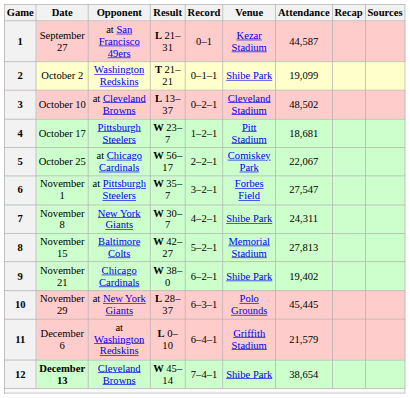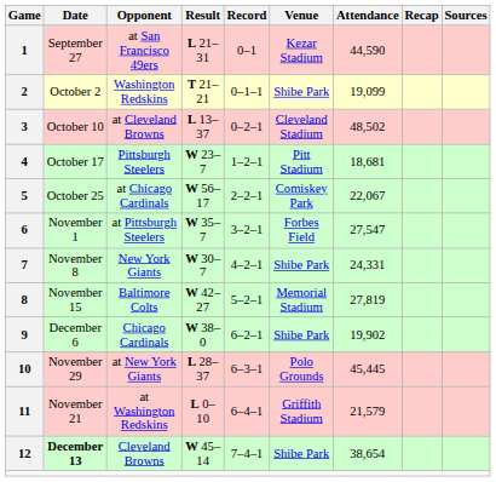 <table class="wikitable" style="text-align:center">
 <tr>
 <th>Game</th>
 <th>Date</th>
 <th>Opponent</th>
 <th>Result</th>
 <th>Record</th>
 <th>Venue</th>
 <th>Attendance</th>
 <th>Recap</th>
 <th>Sources</th>
 </tr>
 <tr style="background:#fcc">
 <th>1</th>
 <td>September 27</td>
 <td>at <a href='#'>San Francisco 49ers</a></td>
 <td><strong>L</strong> 21–31</td>
 <td>0–1</td>
 <td><a href='#'>Kezar Stadium</a></td>
-<td>44,587</td>
+<td>44,590</td>
 <td></td>
 <td></td>
 </tr>
 <tr style="background:#ffc">
 <th>2</th>
 <td>October 2</td>
 <td><a href='#'>Washington Redskins</a></td>
 <td><strong>T</strong> 21–21</td>
 <td>0–1–1</td>
 <td><a href='#'>Shibe Park</a></td>
 <td>19,099</td>
 <td></td>
 <td></td>
 </tr>
 <tr style="background:#fcc">
 <th>3</th>
 <td>October 10</td>
 <td>at <a href='#'>Cleveland Browns</a></td>
 <td><strong>L</strong> 13–37</td>
 <td>0–2–1</td>
 <td><a href='#'>Cleveland Stadium</a></td>
 <td>48,502</td>
 <td></td>
 <td></td>
 </tr>
 <tr style="background:#cfc">
 <th>4</th>
 <td>October 17</td>
 <td><a href='#'>Pittsburgh Steelers</a></td>
 <td><strong>W</strong> 23–7</td>
 <td>1–2–1</td>
 <td><a href='#'>Pitt Stadium</a></td>
 <td>18,681</td>
 <td></td>
 <td></td>
 </tr>
 <tr style="background:#cfc">
 <th>5</th>
 <td>October 25</td>
 <td>at <a href='#'>Chicago Cardinals</a></td>
 <td><strong>W</strong> 56–17</td>
 <td>2–2–1</td>
 <td><a href='#'>Comiskey Park</a></td>
 <td>22,067</td>
 <td></td>
 <td></td>
 </tr>
 <tr style="background:#cfc">
 <th>6</th>
 <td>November 1</td>
 <td>at <a href='#'>Pittsburgh Steelers</a></td>
 <td><strong>W</strong> 35–7</td>
 <td>3–2–1</td>
 <td><a href='#'>Forbes Field</a></td>
 <td>27,547</td>
 <td></td>
 <td></td>
 </tr>
 <tr style="background:#cfc">
 <th>7</th>
 <td>November 8</td>
 <td><a href='#'>New York Giants</a></td>
 <td><strong>W</strong> 30–7</td>
 <td>4–2–1</td>
 <td><a href='#'>Shibe Park</a></td>
-<td>24,311</td>
+<td>24,331</td>
 <td></td>
 <td></td>
 </tr>
 <tr style="background:#cfc">
 <th>8</th>
 <td>November 15</td>
 <td><a href='#'>Baltimore Colts</a></td>
 <td><strong>W</strong> 42–27</td>
 <td>5–2–1</td>
 <td><a href='#'>Memorial Stadium</a></td>
-<td>27,813</td>
+<td>27,819</td>
 <td></td>
 <td></td>
 </tr>
 <tr style="background:#cfc">
 <th>9</th>
-<td>November 21</td>
+<td>December 6</td>
 <td><a href='#'>Chicago Cardinals</a></td>
 <td><strong>W</strong> 38–0</td>
 <td>6–2–1</td>
 <td><a href='#'>Shibe Park</a></td>
-<td>19,402</td>
+<td>19,902</td>
 <td></td>
 <td></td>
 </tr>
 <tr style="background:#fcc">
 <th>10</th>
 <td>November 29</td>
 <td>at <a href='#'>New York Giants</a></td>
 <td><strong>L</strong> 28–37</td>
 <td>6–3–1</td>
 <td><a href='#'>Polo Grounds</a></td>
 <td>45,445</td>
 <td></td>
 <td></td>
 </tr>
 <tr style="background:#fcc">
 <th>11</th>
-<td>December 6</td>
+<td>November 21</td>
 <td>at <a href='#'>Washington Redskins</a></td>
 <td><strong>L</strong> 0–10</td>
 <td>6–4–1</td>
 <td><a href='#'>Griffith Stadium</a></td>
 <td>21,579</td>
 <td></td>
 <td></td>
 </tr>
 <tr style="background:#cfc">
 <th>12</th>
 <td><strong>December 13</strong></td>
 <td><a href='#'>Cleveland Browns</a></td>
 <td><strong>W</strong> 45–14</td>
 <td>7–4–1</td>
 <td><a href='#'>Shibe Park</a></td>
 <td>38,654</td>
 <td></td>
 <td></td>
 </tr>
 <tr>
 <td colspan="10"></td>
 </tr>
 </table>
